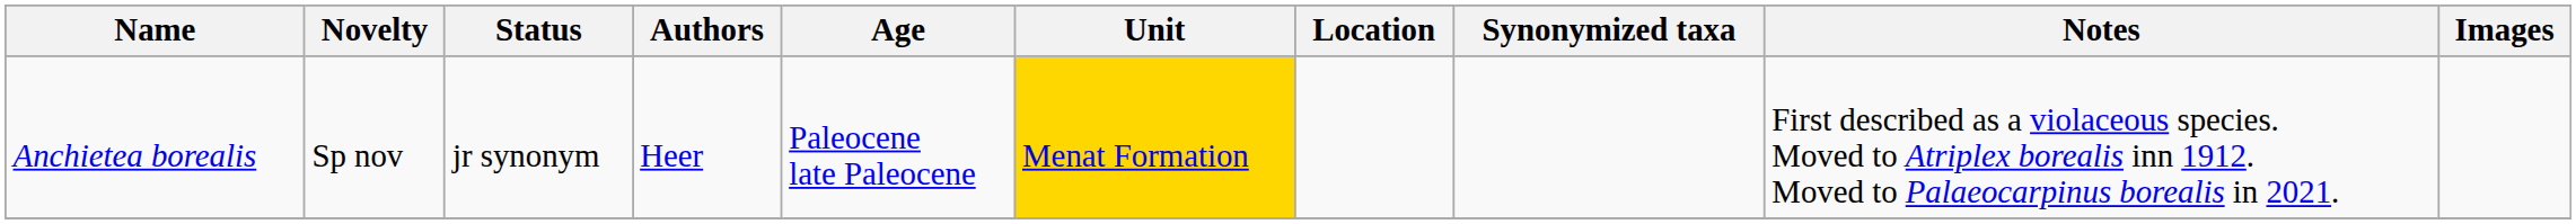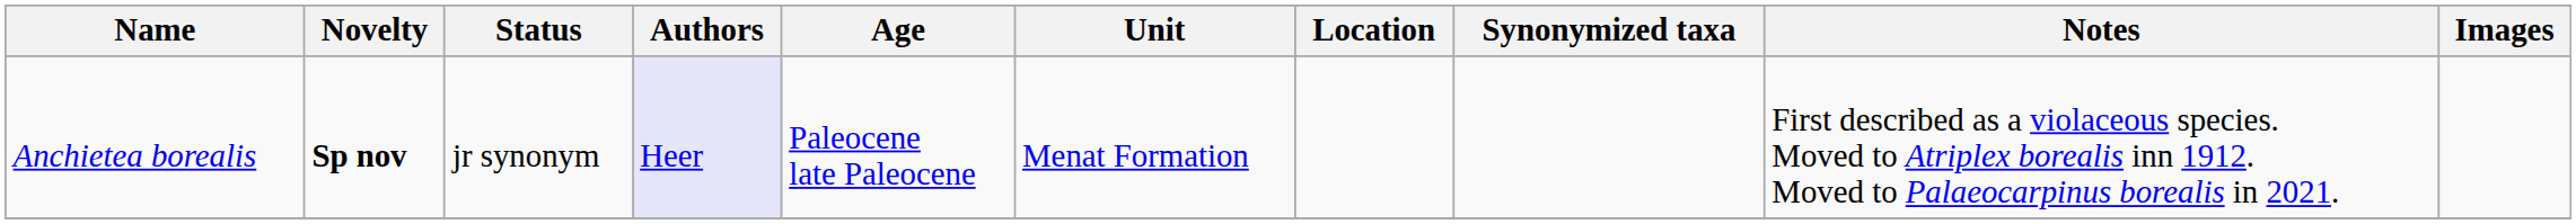 <table class="wikitable sortable" align="center" width="100%">
 <tr>
 <th>Name</th>
 <th>Novelty</th>
 <th>Status</th>
 <th>Authors</th>
 <th>Age</th>
 <th>Unit</th>
 <th>Location</th>
 <th>Synonymized taxa</th>
 <th>Notes</th>
 <th>Images</th>
 </tr>
 <tr>
 <td><br><em><a href='#'>Anchietea borealis</a></em></td>
-<td><br>Sp nov</td>
+<td><strong><br>Sp nov</strong></td>
 <td><br>jr synonym</td>
-<td><br><a href='#'>Heer</a></td>
+<td style="background: lavender;"><br><a href='#'>Heer</a></td>
 <td><br><a href='#'>Paleocene</a><br><a href='#'>late Paleocene</a></td>
-<td style="background: gold;"><br><a href='#'>Menat Formation</a></td>
+<td><br><a href='#'>Menat Formation</a></td>
 <td><br><br></td>
 <td></td>
 <td><br>First described as a <a href='#'>violaceous</a> species.<br>Moved to <em><a href='#'>Atriplex borealis</a></em> inn <a href='#'>1912</a>.<br> Moved to <em><a href='#'>Palaeocarpinus borealis</a></em> in <a href='#'>2021</a>.</td>
 <td></td>
 </tr>
 <tr>
 </tr>
 </table>
